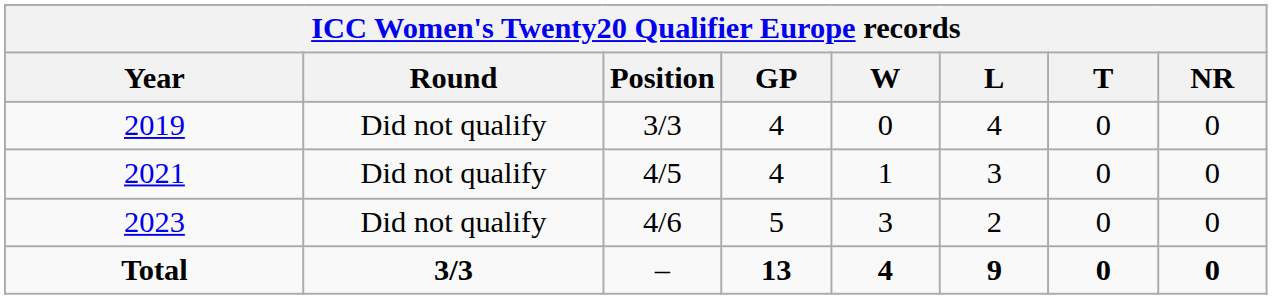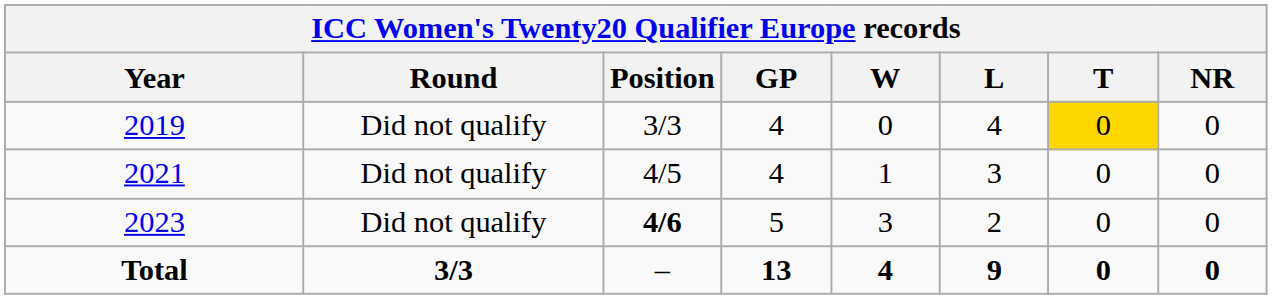 <table class="wikitable" style="text-align: center; width=900px;">
 <tr>
 <th colspan=9><a href='#'>ICC Women's Twenty20 Qualifier Europe</a> records</th>
 </tr>
 <tr>
 <th width=150>Year</th>
 <th width=150>Round</th>
 <th width=50>Position</th>
 <th width=50>GP</th>
 <th width=50>W</th>
 <th width=50>L</th>
 <th width=50>T</th>
 <th width=50>NR</th>
 </tr>
 <tr>
 <td> <a href='#'>2019</a></td>
 <td>Did not qualify</td>
 <td>3/3</td>
 <td>4</td>
 <td>0</td>
 <td>4</td>
-<td>0</td>
+<td style="background: gold;">0</td>
 <td>0</td>
 </tr>
 <tr>
 <td> <a href='#'>2021</a></td>
 <td>Did not qualify</td>
 <td>4/5</td>
 <td>4</td>
 <td>1</td>
 <td>3</td>
 <td>0</td>
 <td>0</td>
 </tr>
 <tr>
 <td> <a href='#'>2023</a></td>
 <td>Did not qualify</td>
-<td>4/6</td>
+<td><strong>4/6</strong></td>
 <td>5</td>
 <td>3</td>
 <td>2</td>
 <td>0</td>
 <td>0</td>
 </tr>
 <tr>
 <td><strong>Total</strong></td>
 <td><strong>3/3</strong></td>
 <td>–</td>
 <td><strong>13</strong></td>
 <td><strong>4</strong></td>
 <td><strong>9</strong></td>
 <td><strong>0</strong></td>
 <td><strong>0</strong></td>
 </tr>
 </table>
